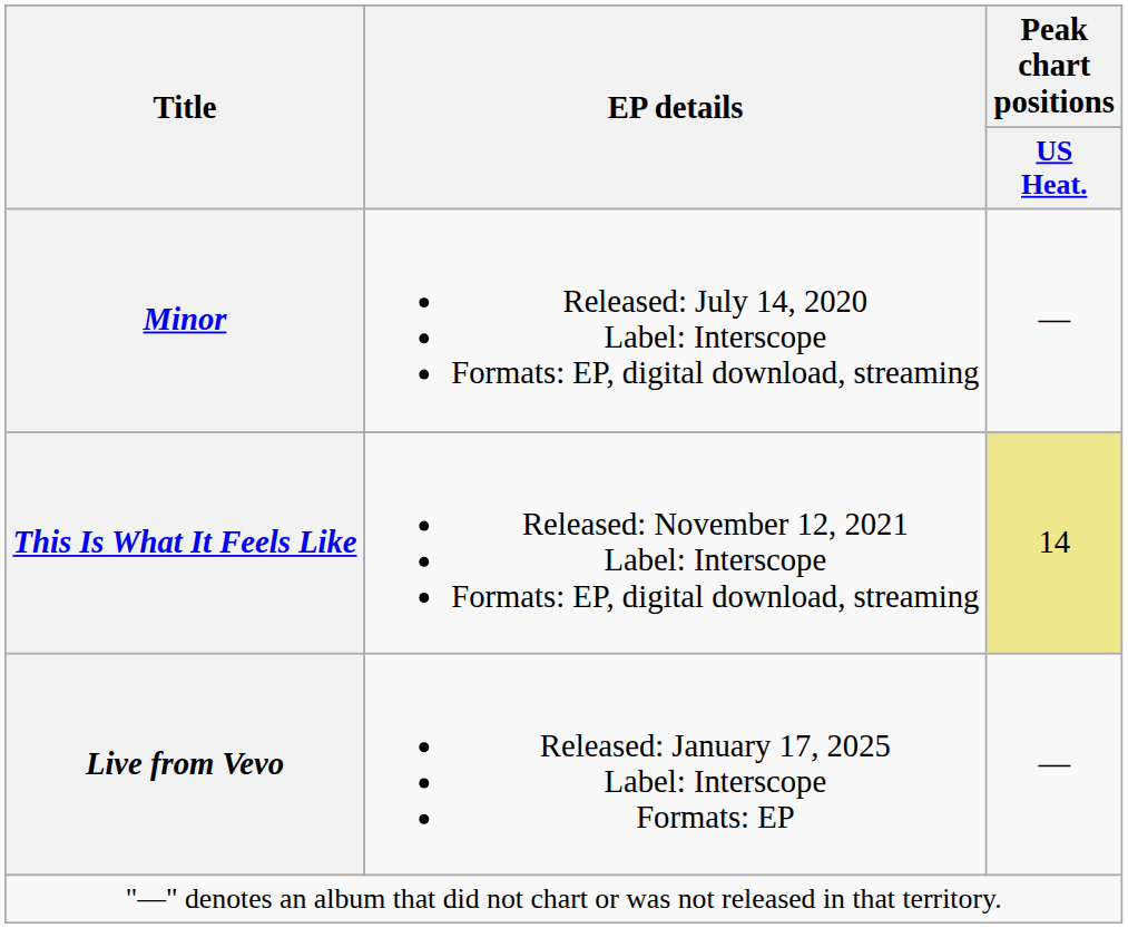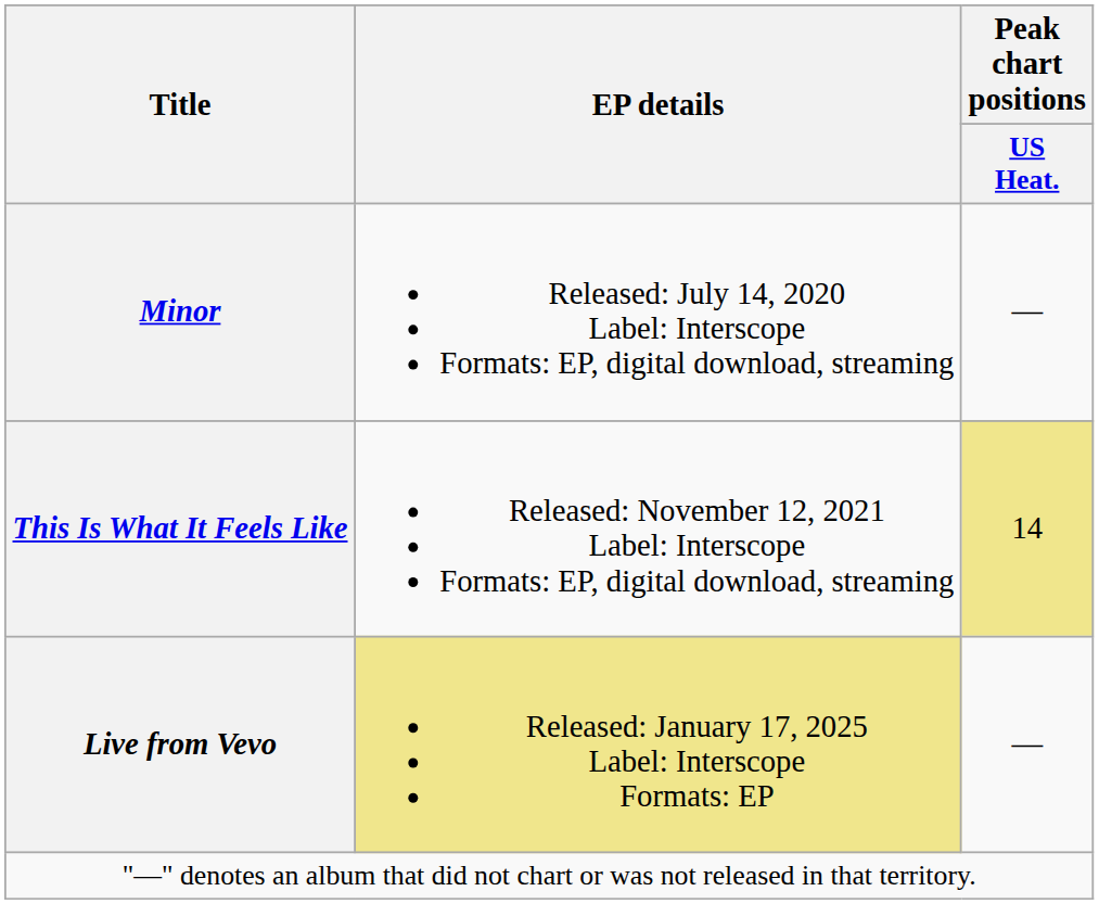 <table class="wikitable plainrowheaders" style="text-align:center">
 <tr>
 <th scope="col" rowspan="2">Title</th>
 <th scope="col" rowspan="2">EP details</th>
 <th scope="col" colspan="1">Peak chart positions</th>
 </tr>
 <tr>
 <th scope="col" style="width:3em;font-size:90%;"><a href='#'>US<br>Heat.</a><br></th>
 </tr>
 <tr>
 <th scope="row"><em><a href='#'>Minor</a></em></th>
 <td><br><ul><li>Released: July 14, 2020</li><li>Label: Interscope</li><li>Formats: EP, digital download, streaming</li></ul></td>
 <td>—</td>
 </tr>
 <tr>
 <th scope="row"><em><a href='#'>This Is What It Feels Like</a></em></th>
 <td><br><ul><li>Released: November 12, 2021</li><li>Label: Interscope</li><li>Formats: EP, digital download, streaming</li></ul></td>
 <td style="background: khaki;">14</td>
 </tr>
 <tr>
 <th scope="row"><em>Live from Vevo</em></th>
-<td><br><ul><li>Released: January 17, 2025</li><li>Label: Interscope</li><li>Formats: EP</li></ul></td>
+<td style="background: khaki;"><br><ul><li>Released: January 17, 2025</li><li>Label: Interscope</li><li>Formats: EP</li></ul></td>
 <td>—</td>
 </tr>
 <tr>
 <td colspan="16" style="font-size:90%">"—" denotes an album that did not chart or was not released in that territory.</td>
 </tr>
 </table>
